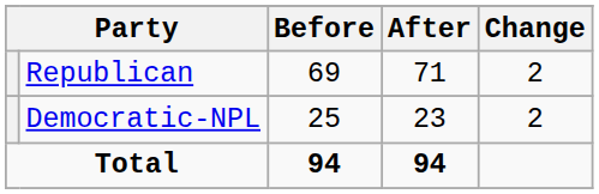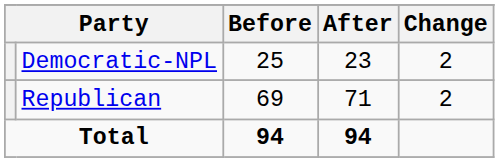 <table class="wikitable" style="text-align:center;">
 <tr>
 </tr>
 <tr>
 <th colspan=2>Party</th>
 <th>Before</th>
 <th>After</th>
 <th>Change</th>
 </tr>
 <tr>
 <th style="background-color:"></th>
-<td style="text-align:left;"><a href='#'>Republican</a></td>
-<td>69</td>
-<td>71</td>
+<td style="text-align:left;"><a href='#'>Democratic-NPL</a></td>
+<td>25</td>
+<td>23</td>
 <td> 2</td>
 </tr>
 <tr>
 <th style="background-color:"></th>
-<td style="text-align:left;"><a href='#'>Democratic-NPL</a></td>
-<td>25</td>
-<td>23</td>
+<td style="text-align:left;"><a href='#'>Republican</a></td>
+<td>69</td>
+<td>71</td>
 <td> 2</td>
 </tr>
 <tr>
 <td colspan=2><strong>Total</strong></td>
 <td><strong>94</strong></td>
 <td><strong>94</strong></td>
 <td></td>
 </tr>
 </table>
